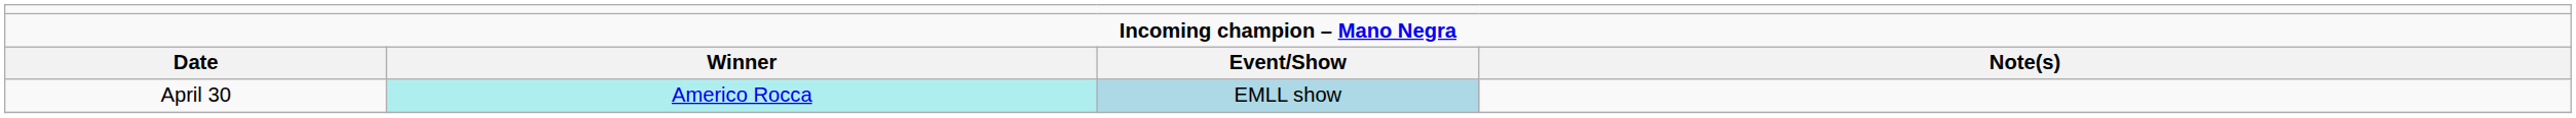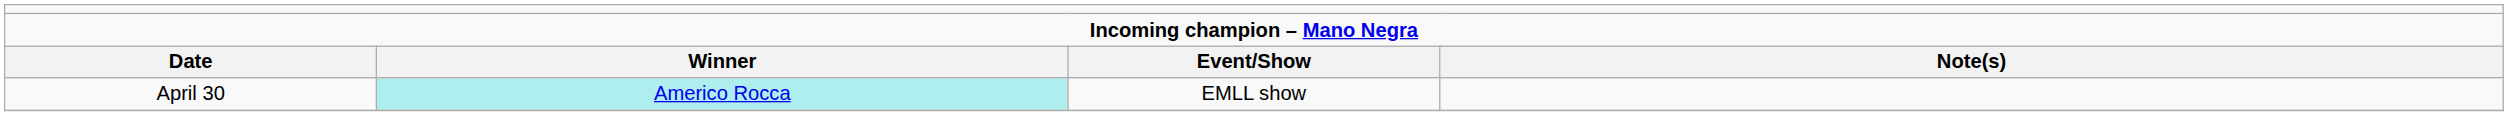 <table class="wikitable" style="text-align:center; width:100%;">
 <tr>
 <td colspan=5></td>
 </tr>
 <tr>
 <td colspan=5><strong>Incoming champion – <a href='#'>Mano Negra</a></strong></td>
 </tr>
 <tr>
 <th width=14%>Date</th>
 <th width=26%>Winner</th>
 <th width=14%>Event/Show</th>
 <th width=40%>Note(s)</th>
 </tr>
 <tr>
 <td>April 30</td>
 <td style="background: paleturquoise;"><a href='#'>Americo Rocca</a></td>
-<td style="background: lightblue;">EMLL show</td>
+<td>EMLL show</td>
 <td></td>
 </tr>
 <tr>
 </tr>
 </table>
